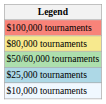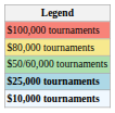 <table class=wikitable style=font-size:85%>
 <tr>
 <th>Legend</th>
 </tr>
 <tr style="background:#f88379;">
 <td>$100,000 tournaments</td>
 </tr>
 <tr style="background:#f7e98e;">
 <td>$80,000 tournaments</td>
 </tr>
 <tr style="background:#addfad;">
 <td>$50/60,000 tournaments</td>
 </tr>
 <tr style="background:lightblue;">
-<td>$25,000 tournaments</td>
+<td><strong>$25,000 tournaments</strong></td>
 </tr>
 <tr style="background:#f0f8ff;">
-<td>$10,000 tournaments</td>
+<td><strong>$10,000 tournaments</strong></td>
 </tr>
 </table>
